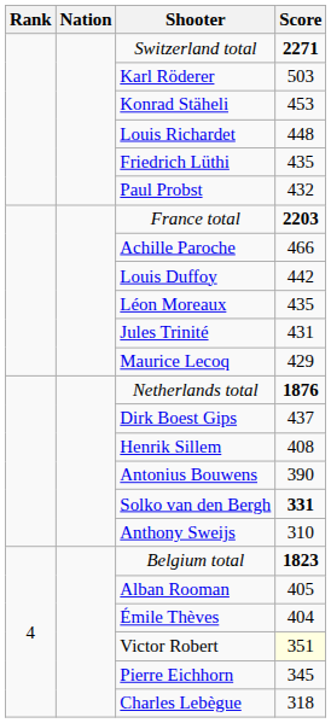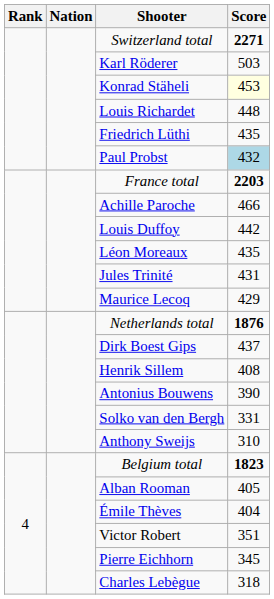 <table class="wikitable sortable" style="text-align:center">
 <tr>
 <th>Rank</th>
 <th>Nation</th>
 <th>Shooter</th>
 <th>Score</th>
 </tr>
 <tr>
 <td rowspan=6></td>
 <td rowspan=6 align=left></td>
 <td><em>Switzerland total</em></td>
 <td><strong>2271</strong></td>
 </tr>
 <tr>
 <td align=left><a href='#'>Karl Röderer</a></td>
 <td>503</td>
 </tr>
 <tr>
 <td align=left><a href='#'>Konrad Stäheli</a></td>
-<td>453</td>
+<td style="background: lightyellow;">453</td>
 </tr>
 <tr>
 <td align=left><a href='#'>Louis Richardet</a></td>
 <td>448</td>
 </tr>
 <tr>
 <td align=left><a href='#'>Friedrich Lüthi</a></td>
 <td>435</td>
 </tr>
 <tr>
 <td align=left><a href='#'>Paul Probst</a></td>
-<td>432</td>
+<td style="background: lightblue;">432</td>
 </tr>
 <tr>
 <td rowspan=6></td>
 <td rowspan=6 align=left></td>
 <td><em>France total</em></td>
 <td><strong>2203</strong></td>
 </tr>
 <tr>
 <td align=left><a href='#'>Achille Paroche</a></td>
 <td>466</td>
 </tr>
 <tr>
 <td align=left><a href='#'>Louis Duffoy</a></td>
 <td>442</td>
 </tr>
 <tr>
 <td align=left><a href='#'>Léon Moreaux</a></td>
 <td>435</td>
 </tr>
 <tr>
 <td align=left><a href='#'>Jules Trinité</a></td>
 <td>431</td>
 </tr>
 <tr>
 <td align=left><a href='#'>Maurice Lecoq</a></td>
 <td>429</td>
 </tr>
 <tr>
 <td rowspan=6></td>
 <td rowspan=6 align=left></td>
 <td><em>Netherlands total</em></td>
 <td><strong>1876</strong></td>
 </tr>
 <tr>
 <td align=left><a href='#'>Dirk Boest Gips</a></td>
 <td>437</td>
 </tr>
 <tr>
 <td align=left><a href='#'>Henrik Sillem</a></td>
 <td>408</td>
 </tr>
 <tr>
 <td align=left><a href='#'>Antonius Bouwens</a></td>
 <td>390</td>
 </tr>
 <tr>
 <td align=left><a href='#'>Solko van den Bergh</a></td>
-<td><strong>331</strong></td>
+<td>331</td>
 </tr>
 <tr>
 <td align=left><a href='#'>Anthony Sweijs</a></td>
 <td>310</td>
 </tr>
 <tr>
 <td rowspan=6>4</td>
 <td rowspan=6 align=left></td>
 <td><em>Belgium total</em></td>
 <td><strong>1823</strong></td>
 </tr>
 <tr>
 <td align=left><a href='#'>Alban Rooman</a></td>
 <td>405</td>
 </tr>
 <tr>
 <td align=left><a href='#'>Émile Thèves</a></td>
 <td>404</td>
 </tr>
 <tr>
 <td align=left>Victor Robert</td>
-<td style="background: lightyellow;">351</td>
+<td>351</td>
 </tr>
 <tr>
 <td align=left><a href='#'>Pierre Eichhorn</a></td>
 <td>345</td>
 </tr>
 <tr>
 <td align=left><a href='#'>Charles Lebègue</a></td>
 <td>318</td>
 </tr>
 </table>
